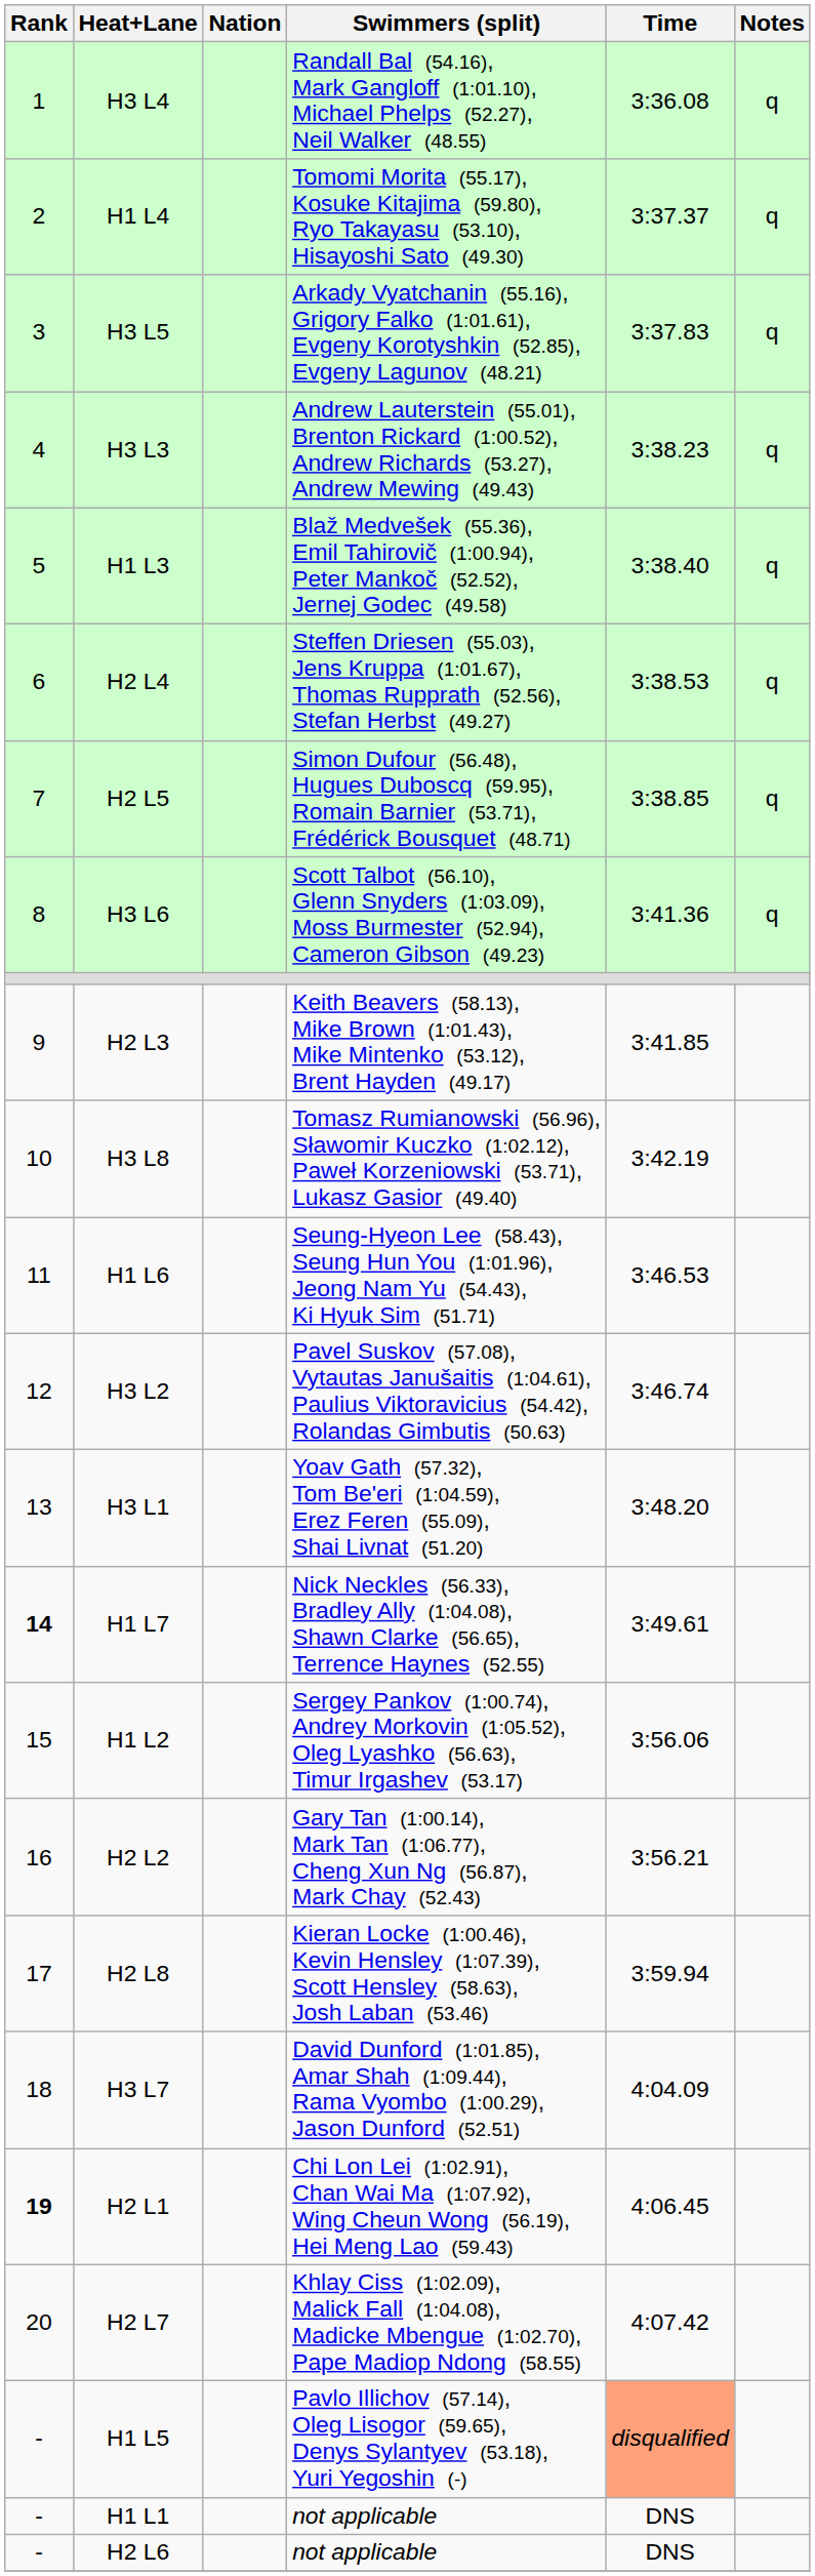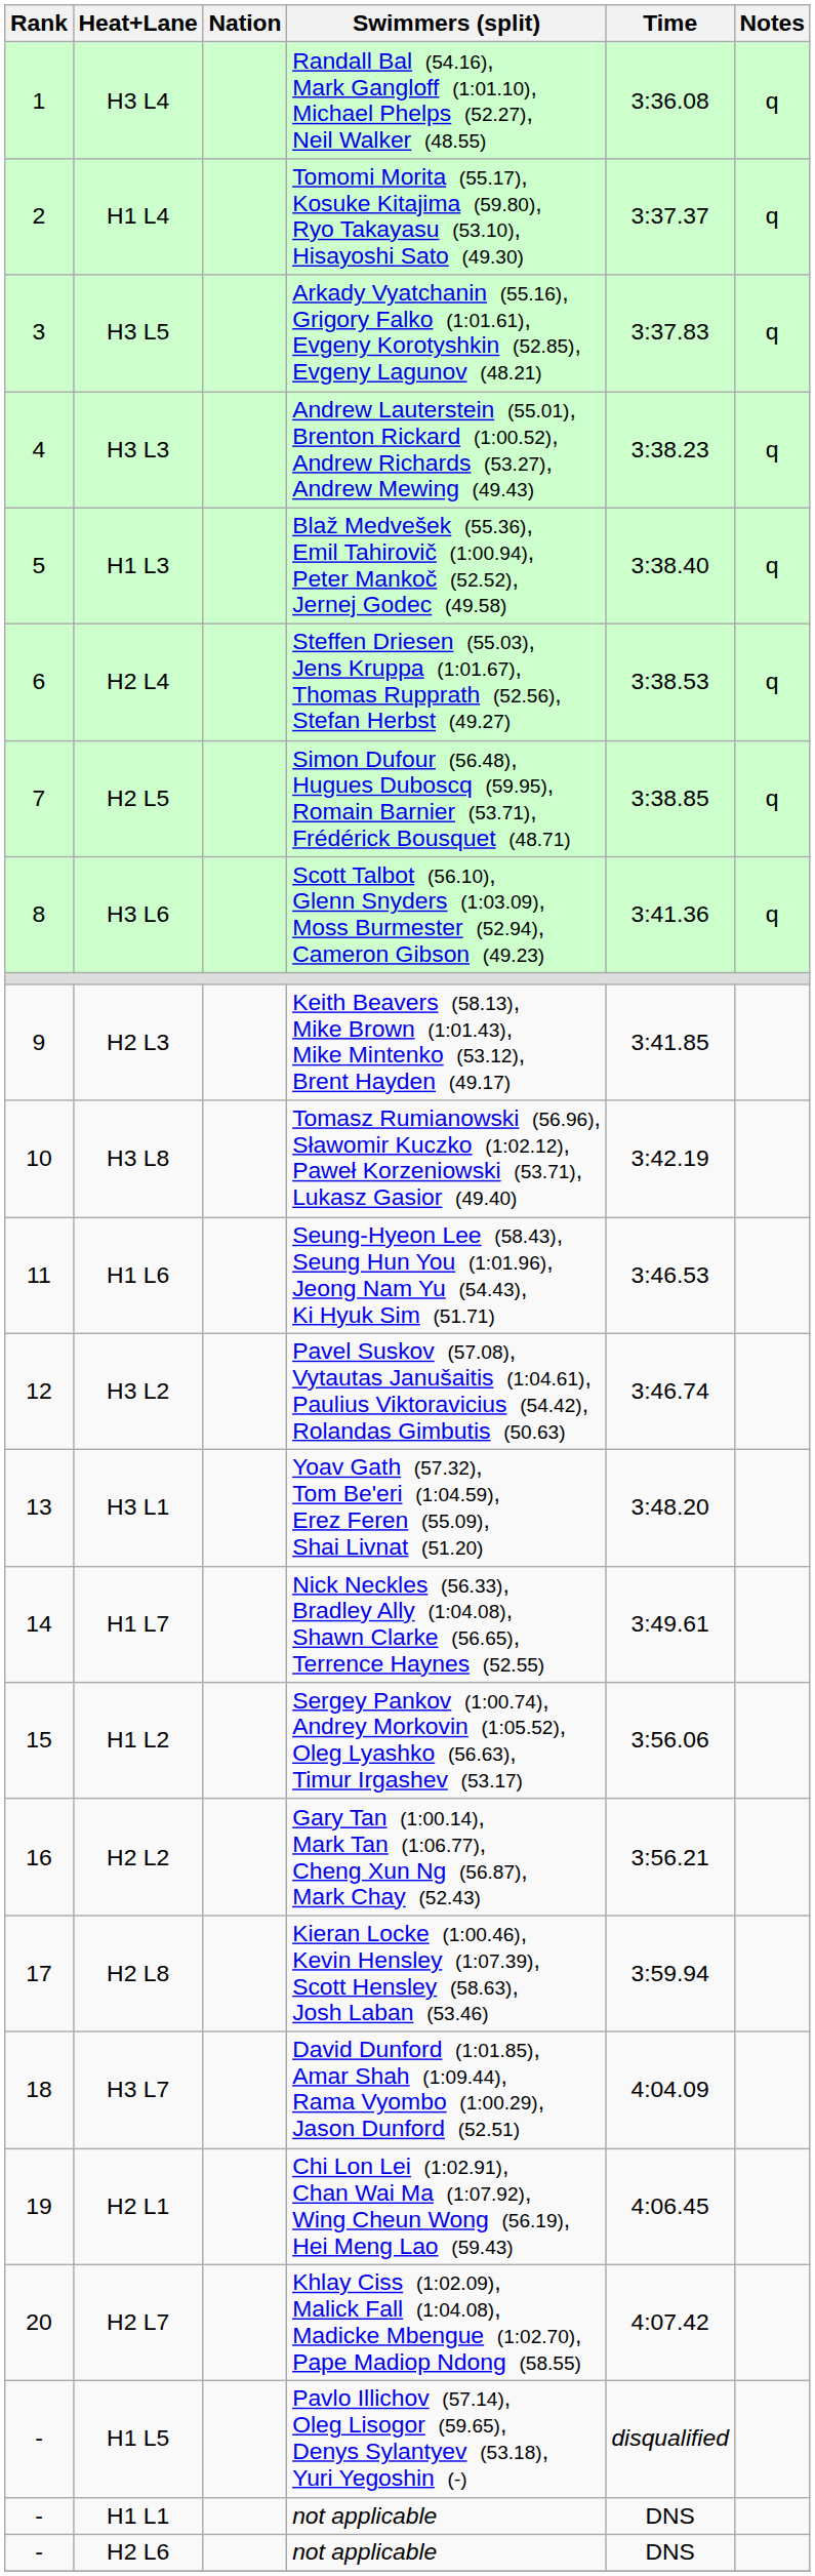 <table class="wikitable sortable" style="text-align:center">
 <tr>
 <th>Rank</th>
 <th>Heat+Lane</th>
 <th>Nation</th>
 <th>Swimmers (split)</th>
 <th>Time</th>
 <th>Notes</th>
 </tr>
 <tr bgcolor=ccffcc>
 <td>1</td>
 <td>H3 L4</td>
 <td align=left></td>
 <td align=left><a href='#'>Randall Bal</a>  <small>(54.16)</small>,<br> <a href='#'>Mark Gangloff</a>  <small>(1:01.10)</small>,<br> <a href='#'>Michael Phelps</a>  <small>(52.27)</small>,<br> <a href='#'>Neil Walker</a>  <small>(48.55)</small></td>
 <td>3:36.08</td>
 <td>q</td>
 </tr>
 <tr bgcolor=ccffcc>
 <td>2</td>
 <td>H1 L4</td>
 <td align=left></td>
 <td align=left><a href='#'>Tomomi Morita</a>  <small>(55.17)</small>,<br> <a href='#'>Kosuke Kitajima</a>  <small>(59.80)</small>,<br> <a href='#'>Ryo Takayasu</a>  <small>(53.10)</small>,<br> <a href='#'>Hisayoshi Sato</a>  <small>(49.30)</small></td>
 <td>3:37.37</td>
 <td>q</td>
 </tr>
 <tr bgcolor=ccffcc>
 <td>3</td>
 <td>H3 L5</td>
 <td align=left></td>
 <td align=left><a href='#'>Arkady Vyatchanin</a>  <small>(55.16)</small>,<br> <a href='#'>Grigory Falko</a>  <small>(1:01.61)</small>,<br> <a href='#'>Evgeny Korotyshkin</a>  <small>(52.85)</small>,<br> <a href='#'>Evgeny Lagunov</a>  <small>(48.21)</small></td>
 <td>3:37.83</td>
 <td>q</td>
 </tr>
 <tr bgcolor=ccffcc>
 <td>4</td>
 <td>H3 L3</td>
 <td align=left></td>
 <td align=left><a href='#'>Andrew Lauterstein</a>  <small>(55.01)</small>,<br> <a href='#'>Brenton Rickard</a>  <small>(1:00.52)</small>,<br> <a href='#'>Andrew Richards</a>  <small>(53.27)</small>,<br> <a href='#'>Andrew Mewing</a>  <small>(49.43)</small></td>
 <td>3:38.23</td>
 <td>q</td>
 </tr>
 <tr bgcolor=ccffcc>
 <td>5</td>
 <td>H1 L3</td>
 <td align=left></td>
 <td align=left><a href='#'>Blaž Medvešek</a>  <small>(55.36)</small>,<br> <a href='#'>Emil Tahirovič</a>  <small>(1:00.94)</small>,<br> <a href='#'>Peter Mankoč</a>  <small>(52.52)</small>,<br> <a href='#'>Jernej Godec</a>  <small>(49.58)</small></td>
 <td>3:38.40</td>
 <td>q</td>
 </tr>
 <tr bgcolor=ccffcc>
 <td>6</td>
 <td>H2 L4</td>
 <td align=left></td>
 <td align=left><a href='#'>Steffen Driesen</a>  <small>(55.03)</small>,<br> <a href='#'>Jens Kruppa</a>  <small>(1:01.67)</small>,<br> <a href='#'>Thomas Rupprath</a>  <small>(52.56)</small>,<br> <a href='#'>Stefan Herbst</a>  <small>(49.27)</small></td>
 <td>3:38.53</td>
 <td>q</td>
 </tr>
 <tr bgcolor=ccffcc>
 <td>7</td>
 <td>H2 L5</td>
 <td align=left></td>
 <td align=left><a href='#'>Simon Dufour</a>  <small>(56.48)</small>,<br> <a href='#'>Hugues Duboscq</a>  <small>(59.95)</small>,<br> <a href='#'>Romain Barnier</a>  <small>(53.71)</small>,<br> <a href='#'>Frédérick Bousquet</a>  <small>(48.71)</small></td>
 <td>3:38.85</td>
 <td>q</td>
 </tr>
 <tr bgcolor=ccffcc>
 <td>8</td>
 <td>H3 L6</td>
 <td align=left></td>
 <td align=left><a href='#'>Scott Talbot</a>  <small>(56.10)</small>,<br> <a href='#'>Glenn Snyders</a>  <small>(1:03.09)</small>,<br> <a href='#'>Moss Burmester</a>  <small>(52.94)</small>,<br> <a href='#'>Cameron Gibson</a>  <small>(49.23)</small></td>
 <td>3:41.36</td>
 <td>q</td>
 </tr>
 <tr bgcolor=#DDDDDD>
 <td colspan=6></td>
 </tr>
 <tr>
 <td>9</td>
 <td>H2 L3</td>
 <td align=left></td>
 <td align=left><a href='#'>Keith Beavers</a>  <small>(58.13)</small>,<br> <a href='#'>Mike Brown</a>  <small>(1:01.43)</small>,<br> <a href='#'>Mike Mintenko</a>  <small>(53.12)</small>,<br> <a href='#'>Brent Hayden</a>  <small>(49.17)</small></td>
 <td>3:41.85</td>
 <td></td>
 </tr>
 <tr>
 <td>10</td>
 <td>H3 L8</td>
 <td align=left></td>
 <td align=left><a href='#'>Tomasz Rumianowski</a>  <small>(56.96)</small>,<br> <a href='#'>Sławomir Kuczko</a>  <small>(1:02.12)</small>,<br> <a href='#'>Paweł Korzeniowski</a>  <small>(53.71)</small>,<br> <a href='#'>Lukasz Gasior</a>  <small>(49.40)</small></td>
 <td>3:42.19</td>
 <td></td>
 </tr>
 <tr>
 <td>11</td>
 <td>H1 L6</td>
 <td align=left></td>
 <td align=left><a href='#'>Seung-Hyeon Lee</a>  <small>(58.43)</small>,<br> <a href='#'>Seung Hun You</a>  <small>(1:01.96)</small>,<br> <a href='#'>Jeong Nam Yu</a>  <small>(54.43)</small>,<br> <a href='#'>Ki Hyuk Sim</a>  <small>(51.71)</small></td>
 <td>3:46.53</td>
 <td></td>
 </tr>
 <tr>
 <td>12</td>
 <td>H3 L2</td>
 <td align=left></td>
 <td align=left><a href='#'>Pavel Suskov</a>  <small>(57.08)</small>,<br> <a href='#'>Vytautas Janušaitis</a>  <small>(1:04.61)</small>,<br> <a href='#'>Paulius Viktoravicius</a>  <small>(54.42)</small>,<br> <a href='#'>Rolandas Gimbutis</a>  <small>(50.63)</small></td>
 <td>3:46.74</td>
 <td></td>
 </tr>
 <tr>
 <td>13</td>
 <td>H3 L1</td>
 <td align=left></td>
 <td align=left><a href='#'>Yoav Gath</a>  <small>(57.32)</small>,<br> <a href='#'>Tom Be'eri</a>  <small>(1:04.59)</small>,<br> <a href='#'>Erez Feren</a>  <small>(55.09)</small>,<br> <a href='#'>Shai Livnat</a>  <small>(51.20)</small></td>
 <td>3:48.20</td>
 <td></td>
 </tr>
 <tr>
-<td><strong>14</strong></td>
+<td>14</td>
 <td>H1 L7</td>
 <td align=left></td>
 <td align=left><a href='#'>Nick Neckles</a>  <small>(56.33)</small>,<br> <a href='#'>Bradley Ally</a>  <small>(1:04.08)</small>,<br> <a href='#'>Shawn Clarke</a>  <small>(56.65)</small>,<br> <a href='#'>Terrence Haynes</a>  <small>(52.55)</small></td>
 <td>3:49.61</td>
 <td></td>
 </tr>
 <tr>
 <td>15</td>
 <td>H1 L2</td>
 <td align=left></td>
 <td align=left><a href='#'>Sergey Pankov</a>  <small>(1:00.74)</small>,<br> <a href='#'>Andrey Morkovin</a>  <small>(1:05.52)</small>,<br> <a href='#'>Oleg Lyashko</a>  <small>(56.63)</small>,<br> <a href='#'>Timur Irgashev</a>  <small>(53.17)</small></td>
 <td>3:56.06</td>
 <td></td>
 </tr>
 <tr>
 <td>16</td>
 <td>H2 L2</td>
 <td align=left></td>
 <td align=left><a href='#'>Gary Tan</a>  <small>(1:00.14)</small>,<br> <a href='#'>Mark Tan</a>  <small>(1:06.77)</small>,<br> <a href='#'>Cheng Xun Ng</a>  <small>(56.87)</small>,<br> <a href='#'>Mark Chay</a>  <small>(52.43)</small></td>
 <td>3:56.21</td>
 <td></td>
 </tr>
 <tr>
 <td>17</td>
 <td>H2 L8</td>
 <td align=left></td>
 <td align=left><a href='#'>Kieran Locke</a>  <small>(1:00.46)</small>,<br> <a href='#'>Kevin Hensley</a>  <small>(1:07.39)</small>,<br> <a href='#'>Scott Hensley</a>  <small>(58.63)</small>,<br> <a href='#'>Josh Laban</a>  <small>(53.46)</small></td>
 <td>3:59.94</td>
 <td></td>
 </tr>
 <tr>
 <td>18</td>
 <td>H3 L7</td>
 <td align=left></td>
 <td align=left><a href='#'>David Dunford</a>  <small>(1:01.85)</small>,<br> <a href='#'>Amar Shah</a>  <small>(1:09.44)</small>,<br> <a href='#'>Rama Vyombo</a>  <small>(1:00.29)</small>,<br> <a href='#'>Jason Dunford</a>  <small>(52.51)</small></td>
 <td>4:04.09</td>
 <td></td>
 </tr>
 <tr>
-<td><strong>19</strong></td>
+<td>19</td>
 <td>H2 L1</td>
 <td align=left></td>
 <td align=left><a href='#'>Chi Lon Lei</a>  <small>(1:02.91)</small>,<br> <a href='#'>Chan Wai Ma</a>  <small>(1:07.92)</small>,<br> <a href='#'>Wing Cheun Wong</a>  <small>(56.19)</small>,<br> <a href='#'>Hei Meng Lao</a>  <small>(59.43)</small></td>
 <td>4:06.45</td>
 <td></td>
 </tr>
 <tr>
 <td>20</td>
 <td>H2 L7</td>
 <td align=left></td>
 <td align=left><a href='#'>Khlay Ciss</a>  <small>(1:02.09)</small>,<br> <a href='#'>Malick Fall</a>  <small>(1:04.08)</small>,<br> <a href='#'>Madicke Mbengue</a>  <small>(1:02.70)</small>,<br> <a href='#'>Pape Madiop Ndong</a>  <small>(58.55)</small></td>
 <td>4:07.42</td>
 <td></td>
 </tr>
 <tr>
 <td>-</td>
 <td>H1 L5</td>
 <td align=left></td>
 <td align=left><a href='#'>Pavlo Illichov</a>  <small>(57.14)</small>,<br> <a href='#'>Oleg Lisogor</a>  <small>(59.65)</small>,<br> <a href='#'>Denys Sylantyev</a>  <small>(53.18)</small>,<br> <a href='#'>Yuri Yegoshin</a>  <small>(-)</small></td>
-<td style="background: lightsalmon;"><em>disqualified</em></td>
+<td><em>disqualified</em></td>
 <td></td>
 </tr>
 <tr>
 <td>-</td>
 <td>H1 L1</td>
 <td align=left></td>
 <td align=left><em>not applicable</em></td>
 <td>DNS</td>
 <td></td>
 </tr>
 <tr>
 <td>-</td>
 <td>H2 L6</td>
 <td align=left></td>
 <td align=left><em>not applicable</em></td>
 <td>DNS</td>
 <td></td>
 </tr>
 <tr>
 </tr>
 </table>
